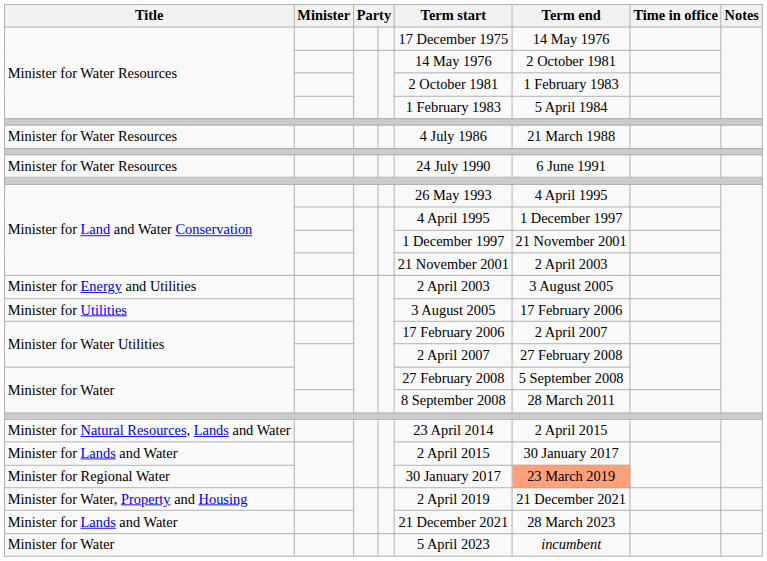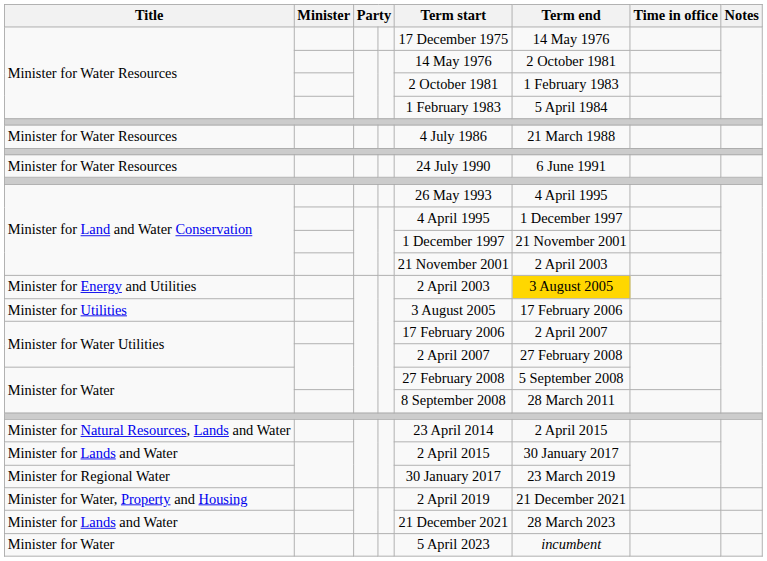 <table class="wikitable sortable">
 <tr>
 <th>Title</th>
 <th>Minister</th>
 <th colspan=2>Party</th>
 <th data-sort-type=date>Term start</th>
 <th data-sort-type=date>Term end</th>
 <th>Time in office</th>
 <th class="unsortable">Notes</th>
 </tr>
 <tr>
 <td rowspan=4>Minister for Water Resources</td>
 <td></td>
 <td> </td>
 <td></td>
 <td align=center>17 December 1975</td>
 <td align=center>14 May 1976</td>
 <td align=right></td>
 </tr>
 <tr>
 <td></td>
 <td rowspan=3 > </td>
 <td rowspan=3></td>
 <td align=center>14 May 1976</td>
 <td align=center>2 October 1981</td>
 <td align=right><strong></strong></td>
 </tr>
 <tr>
 <td></td>
 <td align=center>2 October 1981</td>
 <td align=center>1 February 1983</td>
 <td align=right></td>
 </tr>
 <tr>
 <td></td>
 <td align=center>1 February 1983</td>
 <td align=center>5 April 1984</td>
 <td align=right></td>
 </tr>
 <tr class="sortbottom">
 <th colspan=9 style="background: #cccccc;"></th>
 </tr>
 <tr>
 <td>Minister for Water Resources</td>
 <td></td>
 <td> </td>
 <td></td>
 <td align=center>4 July 1986</td>
 <td align=center>21 March 1988</td>
 <td align=right></td>
 </tr>
 <tr class="sortbottom">
 <th colspan=9 style="background: #cccccc;"></th>
 </tr>
 <tr>
 <td>Minister for Water Resources</td>
 <td></td>
 <td> </td>
 <td></td>
 <td align=center>24 July 1990</td>
 <td align=center>6 June 1991</td>
 <td align=right></td>
 </tr>
 <tr class="sortbottom">
 <th colspan=9 style="background: #cccccc;"></th>
 </tr>
 <tr>
 <td rowspan=4>Minister for <a href='#'>Land</a> and Water <a href='#'>Conservation</a></td>
 <td></td>
 <td> </td>
 <td></td>
 <td align=center>26 May 1993</td>
 <td align=center>4 April 1995</td>
 <td align=right></td>
 </tr>
 <tr>
 <td></td>
 <td rowspan=3 > </td>
 <td rowspan=3></td>
 <td align=center>4 April 1995</td>
 <td align=center>1 December 1997</td>
 <td align=right></td>
 </tr>
 <tr>
 <td></td>
 <td align=center>1 December 1997</td>
 <td align=center>21 November 2001</td>
 <td align=right></td>
 </tr>
 <tr>
 <td></td>
 <td align=center>21 November 2001</td>
 <td align=center>2 April 2003</td>
 <td align=right></td>
 </tr>
 <tr>
 <td>Minister for <a href='#'>Energy</a> and Utilities</td>
 <td></td>
 <td rowspan=6 > </td>
 <td rowspan=6></td>
 <td align=center>2 April 2003</td>
-<td align=center>3 August 2005</td>
+<td align=center style="background: gold;">3 August 2005</td>
 <td align=right></td>
 </tr>
 <tr>
 <td>Minister for <a href='#'>Utilities</a></td>
 <td></td>
 <td align=center>3 August 2005</td>
 <td align=center>17 February 2006</td>
 <td align=right></td>
 </tr>
 <tr>
 <td rowspan=2>Minister for Water Utilities</td>
 <td></td>
 <td align=center>17 February 2006</td>
 <td align=center>2 April 2007</td>
 <td align=right></td>
 </tr>
 <tr>
 <td rowspan=2></td>
 <td align=center>2 April 2007</td>
 <td align=center>27 February 2008</td>
 <td rowspan=2 align=right></td>
 </tr>
 <tr>
 <td rowspan=2>Minister for Water</td>
 <td align=center>27 February 2008</td>
 <td align=center>5 September 2008</td>
 </tr>
 <tr>
 <td></td>
 <td align=center>8 September 2008</td>
 <td align=center>28 March 2011</td>
 <td align=right></td>
 </tr>
 <tr class="sortbottom">
 <th colspan=9 style="background: #cccccc;"></th>
 </tr>
 <tr>
 <td>Minister for <a href='#'>Natural Resources</a>, <a href='#'>Lands</a> and Water</td>
 <td></td>
 <td rowspan=3 > </td>
 <td rowspan=3></td>
 <td align=center>23 April 2014</td>
 <td align=center>2 April 2015</td>
 <td align=right></td>
 </tr>
 <tr>
 <td>Minister for <a href='#'>Lands</a> and Water</td>
 <td rowspan=2></td>
 <td align=center>2 April 2015</td>
 <td align=center>30 January 2017</td>
 <td rowspan=2 align=right></td>
 </tr>
 <tr>
 <td>Minister for Regional Water</td>
 <td align=center>30 January 2017</td>
-<td align=center style="background: lightsalmon;">23 March 2019</td>
+<td align=center>23 March 2019</td>
 </tr>
 <tr>
 <td>Minister for Water, <a href='#'>Property</a> and <a href='#'>Housing</a></td>
 <td></td>
 <td rowspan=2 > </td>
 <td rowspan=2></td>
 <td align=center>2 April 2019</td>
 <td align=center>21 December 2021</td>
 <td align=right></td>
 <td></td>
 </tr>
 <tr>
 <td>Minister for <a href='#'>Lands</a> and Water</td>
 <td></td>
 <td align=center>21 December 2021</td>
 <td align=center>28 March 2023</td>
 <td align=right></td>
 <td></td>
 </tr>
 <tr>
 <td>Minister for Water</td>
 <td></td>
 <td rowspan=3 > </td>
 <td rowspan=3></td>
 <td align=center>5 April 2023</td>
 <td align=center><em>incumbent</em></td>
 <td align=right></td>
 </tr>
 </table>
